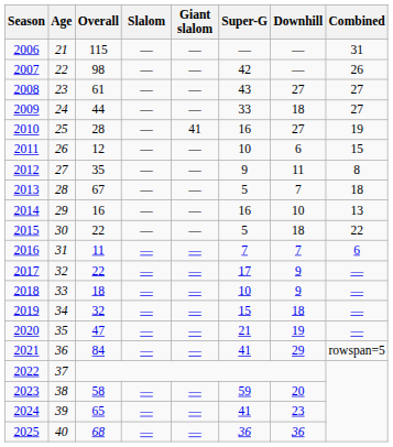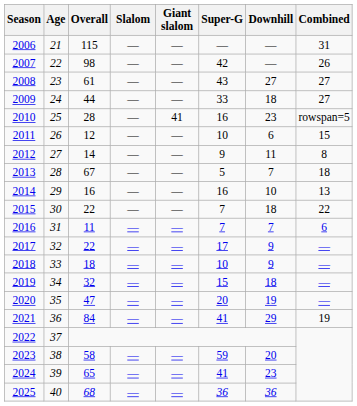 <table class=wikitable style="text-align:center">
 <tr>
 <th>Season</th>
 <th>Age</th>
 <th>Overall</th>
 <th> Slalom </th>
 <th>Giant<br> slalom </th>
 <th>Super-G</th>
 <th>Downhill</th>
 <th>Combined</th>
 </tr>
 <tr>
 <td><a href='#'>2006</a></td>
 <td><em>21</em></td>
 <td>115</td>
 <td>—</td>
 <td>—</td>
 <td>—</td>
 <td>—</td>
 <td>31</td>
 </tr>
 <tr>
 <td><a href='#'>2007</a></td>
 <td><em>22</em></td>
 <td>98</td>
 <td>—</td>
 <td>—</td>
 <td>42</td>
 <td>—</td>
 <td>26</td>
 </tr>
 <tr>
 <td><a href='#'>2008</a></td>
 <td><em>23</em></td>
 <td>61</td>
 <td>—</td>
 <td>—</td>
 <td>43</td>
 <td>27</td>
 <td>27</td>
 </tr>
 <tr>
 <td><a href='#'>2009</a></td>
 <td><em>24</em></td>
 <td>44</td>
 <td>—</td>
 <td>—</td>
 <td>33</td>
 <td>18</td>
 <td>27</td>
 </tr>
 <tr>
 <td><a href='#'>2010</a></td>
 <td><em>25</em></td>
 <td>28</td>
 <td>—</td>
 <td>41</td>
 <td>16</td>
-<td>27</td>
-<td>19</td>
+<td>23</td>
+<td>rowspan=5 </td>
 </tr>
 <tr>
 <td><a href='#'>2011</a></td>
 <td><em>26</em></td>
 <td>12</td>
 <td>—</td>
 <td>—</td>
 <td>10</td>
 <td>6</td>
 <td>15</td>
 </tr>
 <tr>
 <td><a href='#'>2012</a></td>
 <td><em>27</em></td>
-<td>35</td>
+<td>14</td>
 <td>—</td>
 <td>—</td>
 <td>9</td>
 <td>11</td>
 <td>8</td>
 </tr>
 <tr>
 <td><a href='#'>2013</a></td>
 <td><em>28</em></td>
 <td>67</td>
 <td>—</td>
 <td>—</td>
 <td>5</td>
 <td>7</td>
 <td>18</td>
 </tr>
 <tr>
 <td><a href='#'>2014</a></td>
 <td><em>29</em></td>
 <td>16</td>
 <td>—</td>
 <td>—</td>
 <td>16</td>
 <td>10</td>
 <td>13</td>
 </tr>
 <tr>
 <td><a href='#'>2015</a></td>
 <td><em>30</em></td>
 <td>22</td>
 <td>—</td>
 <td>—</td>
-<td>5</td>
+<td>7</td>
 <td>18</td>
 <td>22</td>
 </tr>
 <tr>
 <td><a href='#'>2016</a></td>
 <td><em>31</em></td>
 <td><a href='#'>11</a></td>
 <td><a href='#'>—</a></td>
 <td><a href='#'>—</a></td>
 <td><a href='#'>7</a></td>
 <td><a href='#'>7</a></td>
 <td><a href='#'>6</a></td>
 </tr>
 <tr>
 <td><a href='#'>2017</a></td>
 <td><em>32</em></td>
 <td><a href='#'>22</a></td>
 <td><a href='#'>—</a></td>
 <td><a href='#'>—</a></td>
 <td><a href='#'>17</a></td>
 <td><a href='#'>9</a></td>
 <td><a href='#'>—</a></td>
 </tr>
 <tr>
 <td><a href='#'>2018</a></td>
 <td><em>33</em></td>
 <td><a href='#'>18</a></td>
 <td><a href='#'>—</a></td>
 <td><a href='#'>—</a></td>
 <td><a href='#'>10</a></td>
 <td><a href='#'>9</a></td>
 <td><a href='#'>—</a></td>
 </tr>
 <tr>
 <td><a href='#'>2019</a></td>
 <td><em>34</em></td>
 <td><a href='#'>32</a></td>
 <td><a href='#'>—</a></td>
 <td><a href='#'>—</a></td>
 <td><a href='#'>15</a></td>
 <td><a href='#'>18</a></td>
 <td><a href='#'>—</a></td>
 </tr>
 <tr>
 <td><a href='#'>2020</a></td>
 <td><em>35</em></td>
 <td><a href='#'>47</a></td>
 <td><a href='#'>—</a></td>
 <td><a href='#'>—</a></td>
-<td><a href='#'>21</a></td>
+<td><a href='#'>20</a></td>
 <td><a href='#'>19</a></td>
 <td><a href='#'>—</a></td>
 </tr>
 <tr>
 <td><a href='#'>2021</a></td>
 <td><em>36</em></td>
 <td><a href='#'>84</a></td>
 <td><a href='#'>—</a></td>
 <td><a href='#'>—</a></td>
 <td><a href='#'>41</a></td>
 <td><a href='#'>29</a></td>
-<td>rowspan=5 </td>
+<td>19</td>
 </tr>
 <tr>
 <td><a href='#'>2022</a></td>
 <td><em>37</em></td>
 <td colspan=5></td>
 </tr>
 <tr>
 <td><a href='#'>2023</a></td>
 <td><em>38</em></td>
 <td><a href='#'>58</a></td>
 <td><a href='#'>—</a></td>
 <td><a href='#'>—</a></td>
 <td><a href='#'>59</a></td>
 <td><a href='#'>20</a></td>
 </tr>
 <tr>
 <td><a href='#'>2024</a></td>
 <td><em>39</em></td>
 <td><a href='#'>65</a></td>
 <td><a href='#'>—</a></td>
 <td><a href='#'>—</a></td>
 <td><a href='#'>41</a></td>
 <td><a href='#'>23</a></td>
 </tr>
 <tr>
 <td><a href='#'>2025</a></td>
 <td><em>40</em></td>
 <td><a href='#'><em>68</em></a></td>
 <td><a href='#'>—</a></td>
 <td><a href='#'>—</a></td>
 <td><a href='#'><em>36</em></a></td>
 <td><a href='#'><em>36</em></a></td>
 </tr>
 </table>
